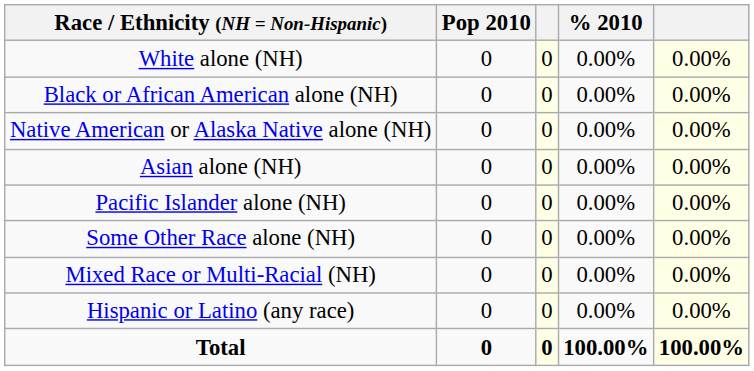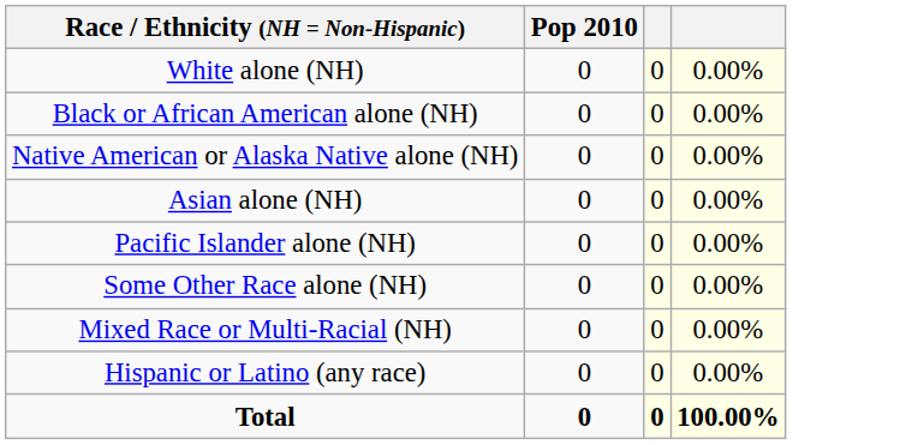 <table class="wikitable" style="text-align:center;">
 <tr>
 <th>Race / Ethnicity <small>(<em>NH = Non-Hispanic</em>)</small></th>
 <th>Pop 2010</th>
 <th></th>
-<th>% 2010</th>
 <th></th>
 </tr>
 <tr>
 <td><a href='#'>White</a> alone (NH)</td>
 <td>0</td>
 <td style='background: #ffffe6;'>0</td>
-<td>0.00%</td>
 <td style='background: #ffffe6;'>0.00%</td>
 </tr>
 <tr>
 <td><a href='#'>Black or African American</a> alone (NH)</td>
 <td>0</td>
 <td style='background: #ffffe6;'>0</td>
-<td>0.00%</td>
 <td style='background: #ffffe6;'>0.00%</td>
 </tr>
 <tr>
 <td><a href='#'>Native American</a> or <a href='#'>Alaska Native</a> alone (NH)</td>
 <td>0</td>
 <td style='background: #ffffe6;'>0</td>
-<td>0.00%</td>
 <td style='background: #ffffe6;'>0.00%</td>
 </tr>
 <tr>
 <td><a href='#'>Asian</a> alone (NH)</td>
 <td>0</td>
 <td style='background: #ffffe6;'>0</td>
-<td>0.00%</td>
 <td style='background: #ffffe6;'>0.00%</td>
 </tr>
 <tr>
 <td><a href='#'>Pacific Islander</a> alone (NH)</td>
 <td>0</td>
 <td style='background: #ffffe6;'>0</td>
-<td>0.00%</td>
 <td style='background: #ffffe6;'>0.00%</td>
 </tr>
 <tr>
 <td><a href='#'>Some Other Race</a> alone (NH)</td>
 <td>0</td>
 <td style='background: #ffffe6;'>0</td>
-<td>0.00%</td>
 <td style='background: #ffffe6;'>0.00%</td>
 </tr>
 <tr>
 <td><a href='#'>Mixed Race or Multi-Racial</a> (NH)</td>
 <td>0</td>
 <td style='background: #ffffe6;'>0</td>
-<td>0.00%</td>
 <td style='background: #ffffe6;'>0.00%</td>
 </tr>
 <tr>
 <td><a href='#'>Hispanic or Latino</a> (any race)</td>
 <td>0</td>
 <td style='background: #ffffe6;'>0</td>
-<td>0.00%</td>
 <td style='background: #ffffe6;'>0.00%</td>
 </tr>
 <tr>
 <td><strong>Total</strong></td>
 <td><strong>0</strong></td>
 <td style='background: #ffffe6;'><strong>0</strong></td>
-<td><strong>100.00%</strong></td>
 <td style='background: #ffffe6;'><strong>100.00%</strong></td>
 </tr>
 </table>
